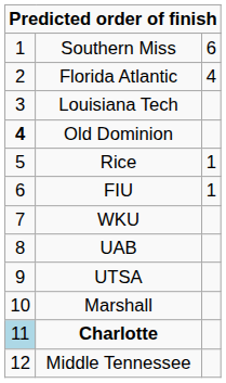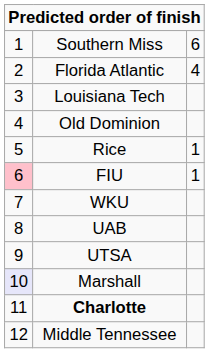 <table class="wikitable">
 <tr align="center">
 <td align="center" Colspan="3"><strong>Predicted order of finish</strong></td>
 </tr>
 <tr align="center">
 </tr>
 <tr align="center">
 <td>1</td>
 <td>Southern Miss</td>
 <td>6</td>
 </tr>
 <tr align="center">
 <td>2</td>
 <td>Florida Atlantic</td>
 <td>4</td>
 </tr>
 <tr align="center">
 <td>3</td>
 <td>Louisiana Tech</td>
 <td></td>
 </tr>
 <tr align="center">
-<td><strong>4</strong></td>
+<td>4</td>
 <td>Old Dominion</td>
 <td></td>
 </tr>
 <tr align="center">
 <td>5</td>
 <td>Rice</td>
 <td>1</td>
 </tr>
 <tr align="center">
-<td>6</td>
+<td style="background: pink;">6</td>
 <td>FIU</td>
 <td>1</td>
 </tr>
 <tr align="center">
 <td>7</td>
 <td>WKU</td>
 <td></td>
 </tr>
 <tr align="center">
 <td>8</td>
 <td>UAB</td>
 <td></td>
 </tr>
 <tr align="center">
 <td>9</td>
 <td>UTSA</td>
 <td></td>
 </tr>
 <tr align="center">
-<td>10</td>
+<td style="background: lavender;">10</td>
 <td>Marshall</td>
 <td></td>
 </tr>
 <tr align="center">
-<td style="background: lightblue;">11</td>
+<td>11</td>
 <td><strong>Charlotte</strong></td>
 <td></td>
 </tr>
 <tr align="center">
 <td>12</td>
 <td>Middle Tennessee</td>
 <td></td>
 </tr>
 </table>
